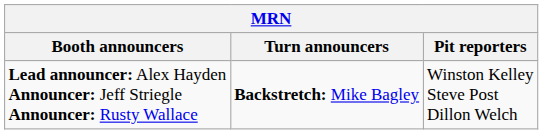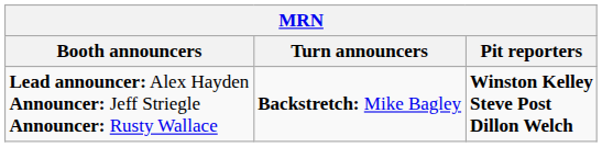 <table class="wikitable" style="font-size: 95%">
 <tr>
 <th colspan="3"><a href='#'>MRN</a></th>
 </tr>
 <tr>
 <th>Booth announcers</th>
 <th>Turn announcers</th>
 <th>Pit reporters</th>
 </tr>
 <tr>
 <td><strong>Lead announcer:</strong> Alex Hayden<br><strong>Announcer:</strong> Jeff Striegle<br><strong>Announcer:</strong> <a href='#'>Rusty Wallace</a></td>
 <td><strong>Backstretch:</strong> <a href='#'>Mike Bagley</a></td>
-<td>Winston Kelley<br>Steve Post<br>Dillon Welch</td>
+<td><strong>Winston Kelley<br>Steve Post<br>Dillon Welch</strong></td>
 </tr>
 </table>
